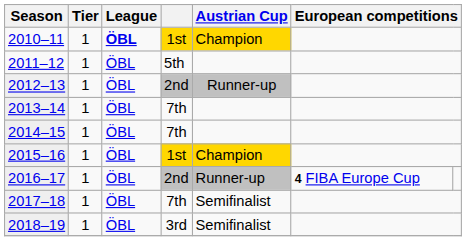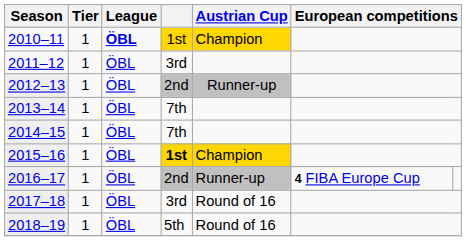 <table class="wikitable" style="font-size:85%">
 <tr bgcolor=>
 <th>Season</th>
 <th>Tier</th>
 <th>League</th>
 <th></th>
 <th><a href='#'>Austrian Cup</a></th>
 <th colspan=2>European competitions</th>
 </tr>
 <tr>
 <td><a href='#'>2010–11</a></td>
 <td align="center">1</td>
 <td><strong><a href='#'>ÖBL</a></strong></td>
 <td style="background:gold" align="center">1st</td>
 <td style="background:gold">Champion</td>
 <td colspan=2></td>
 </tr>
 <tr>
 <td><a href='#'>2011–12</a></td>
 <td align="center">1</td>
 <td><a href='#'>ÖBL</a></td>
-<td>5th</td>
+<td align="center">3rd</td>
 <td></td>
 <td colspan="2"></td>
 </tr>
 <tr>
 <td style="background:#efefef;"><a href='#'>2012–13</a></td>
 <td align="center">1</td>
 <td><a href='#'>ÖBL</a></td>
 <td style="background:silver " align="center">2nd</td>
 <td style="background:silver " align="center">Runner-up</td>
 <td colspan="2"></td>
 </tr>
 <tr>
 <td style="background:#efefef;"><a href='#'>2013–14</a></td>
 <td align="center">1</td>
 <td><a href='#'>ÖBL</a></td>
 <td style="background: " align="center">7th</td>
 <td></td>
 <td colspan=2></td>
 </tr>
 <tr>
 <td style="background:#efefef;"><a href='#'>2014–15</a></td>
 <td align="center">1</td>
 <td><a href='#'>ÖBL</a></td>
 <td style="background: " align="center">7th</td>
 <td></td>
 <td colspan=2></td>
 </tr>
 <tr>
 <td style="background:#efefef;"><a href='#'>2015–16</a></td>
 <td align="center">1</td>
 <td><a href='#'>ÖBL</a></td>
-<td style="background:gold" align="center">1st</td>
+<td style="background:gold" align="center"><strong>1st</strong></td>
 <td style="background:gold">Champion</td>
 <td colspan=2></td>
 </tr>
 <tr>
 <td style="background:#efefef;"><a href='#'>2016–17</a></td>
 <td align="center">1</td>
 <td><a href='#'>ÖBL</a></td>
 <td style="background:silver" align="center">2nd</td>
 <td bgcolor=silver>Runner-up</td>
 <td><small><strong>4</strong></small> <a href='#'>FIBA Europe Cup</a></td>
 <td></td>
 </tr>
 <tr>
 <td style="background:#efefef;"><a href='#'>2017–18</a></td>
 <td align="center">1</td>
 <td><a href='#'>ÖBL</a></td>
-<td align="center">7th</td>
-<td>Semifinalist</td>
+<td align="center">3rd</td>
+<td>Round of 16</td>
 <td colspan=2></td>
 </tr>
 <tr>
 <td style="background:#efefef;"><a href='#'>2018–19</a></td>
 <td align="center">1</td>
 <td><a href='#'>ÖBL</a></td>
-<td align="center">3rd</td>
-<td>Semifinalist</td>
+<td>5th</td>
+<td>Round of 16</td>
 <td colspan=2></td>
 </tr>
 <tr>
 </tr>
 </table>
